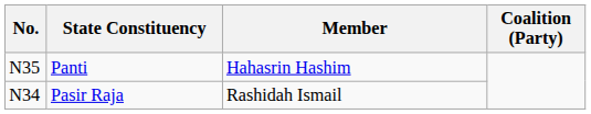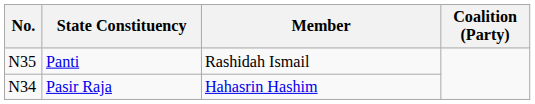 <table class="wikitable sortable">
 <tr>
 <th width="30">No.</th>
 <th width="150">State Constituency</th>
 <th width="230">Member</th>
 <th width="80">Coalition (Party)</th>
 </tr>
 <tr>
 <td>N35</td>
 <td><a href='#'>Panti</a></td>
-<td><a href='#'>Hahasrin Hashim</a></td>
+<td>Rashidah Ismail</td>
 <td rowspan="2"></td>
 </tr>
 <tr>
 <td>N34</td>
 <td><a href='#'>Pasir Raja</a></td>
-<td>Rashidah Ismail</td>
+<td><a href='#'>Hahasrin Hashim</a></td>
 </tr>
 </table>
